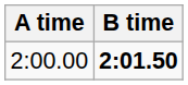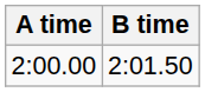 <table class="wikitable" border="1" align="upright">
 <tr>
 <th>A time</th>
 <th>B time</th>
 </tr>
 <tr>
 <td>2:00.00</td>
-<td><strong>2:01.50</strong></td>
+<td>2:01.50</td>
 </tr>
 </table>
